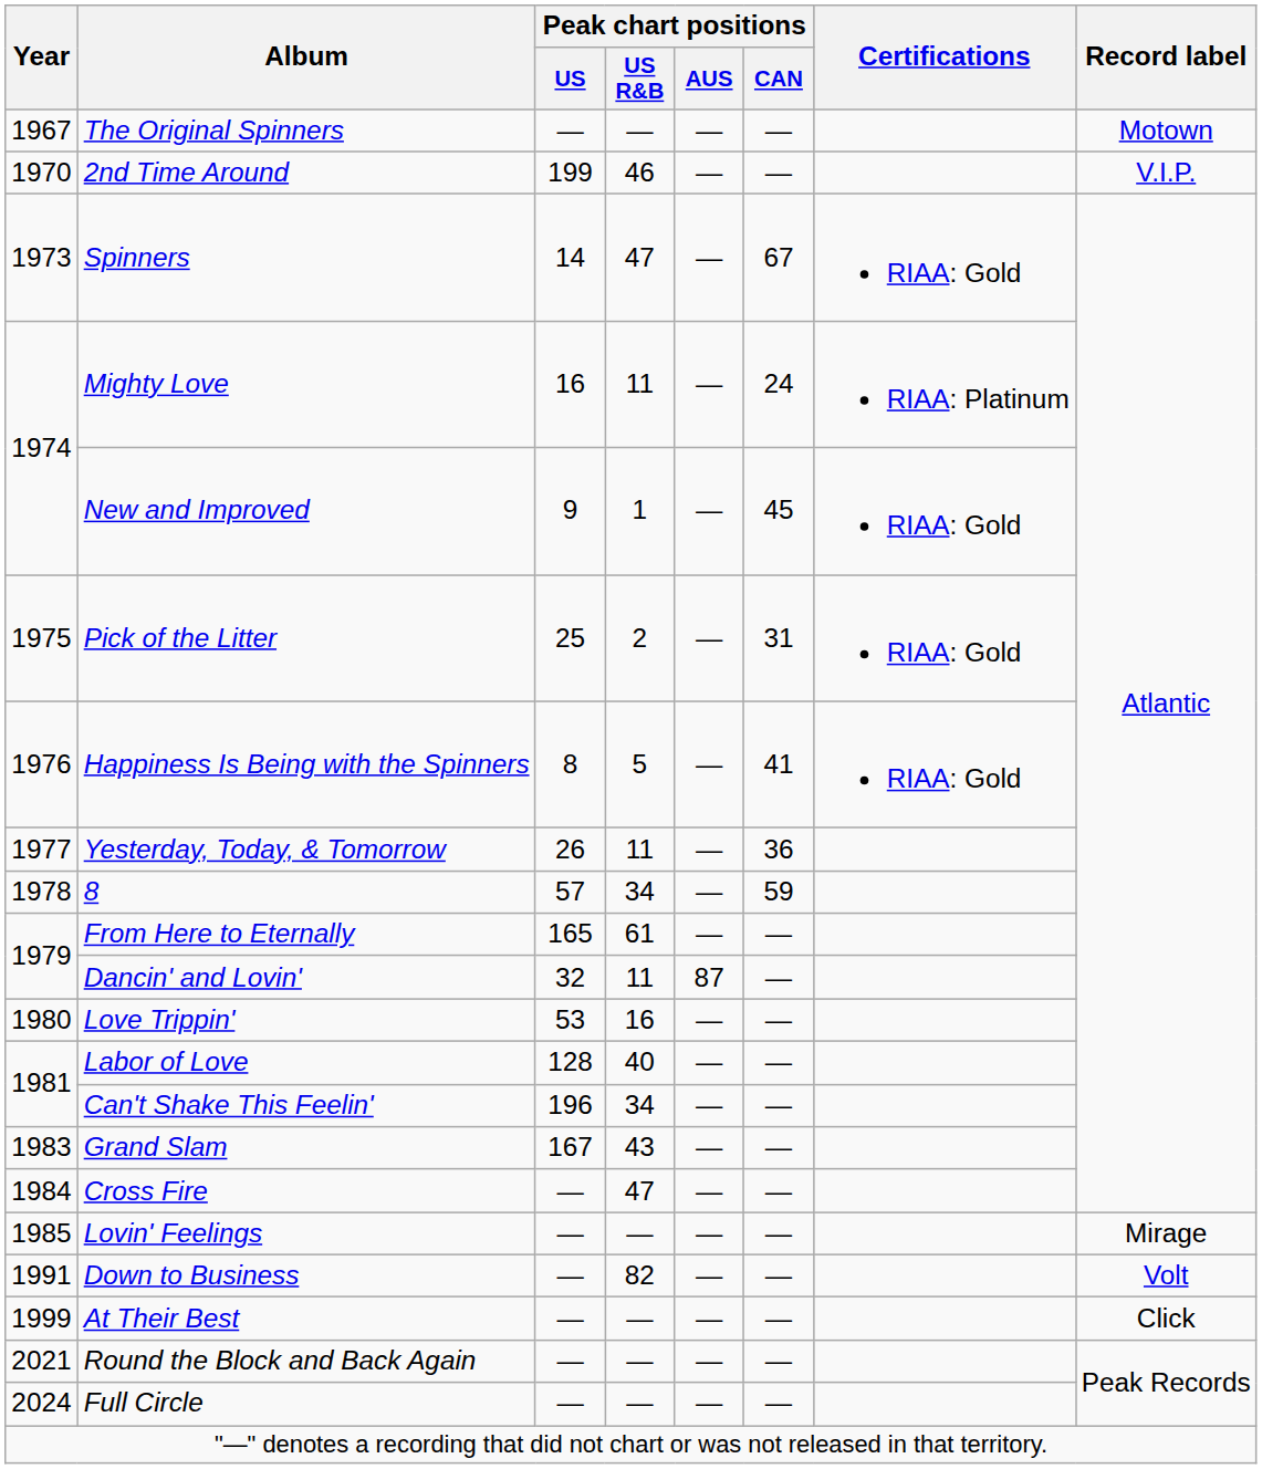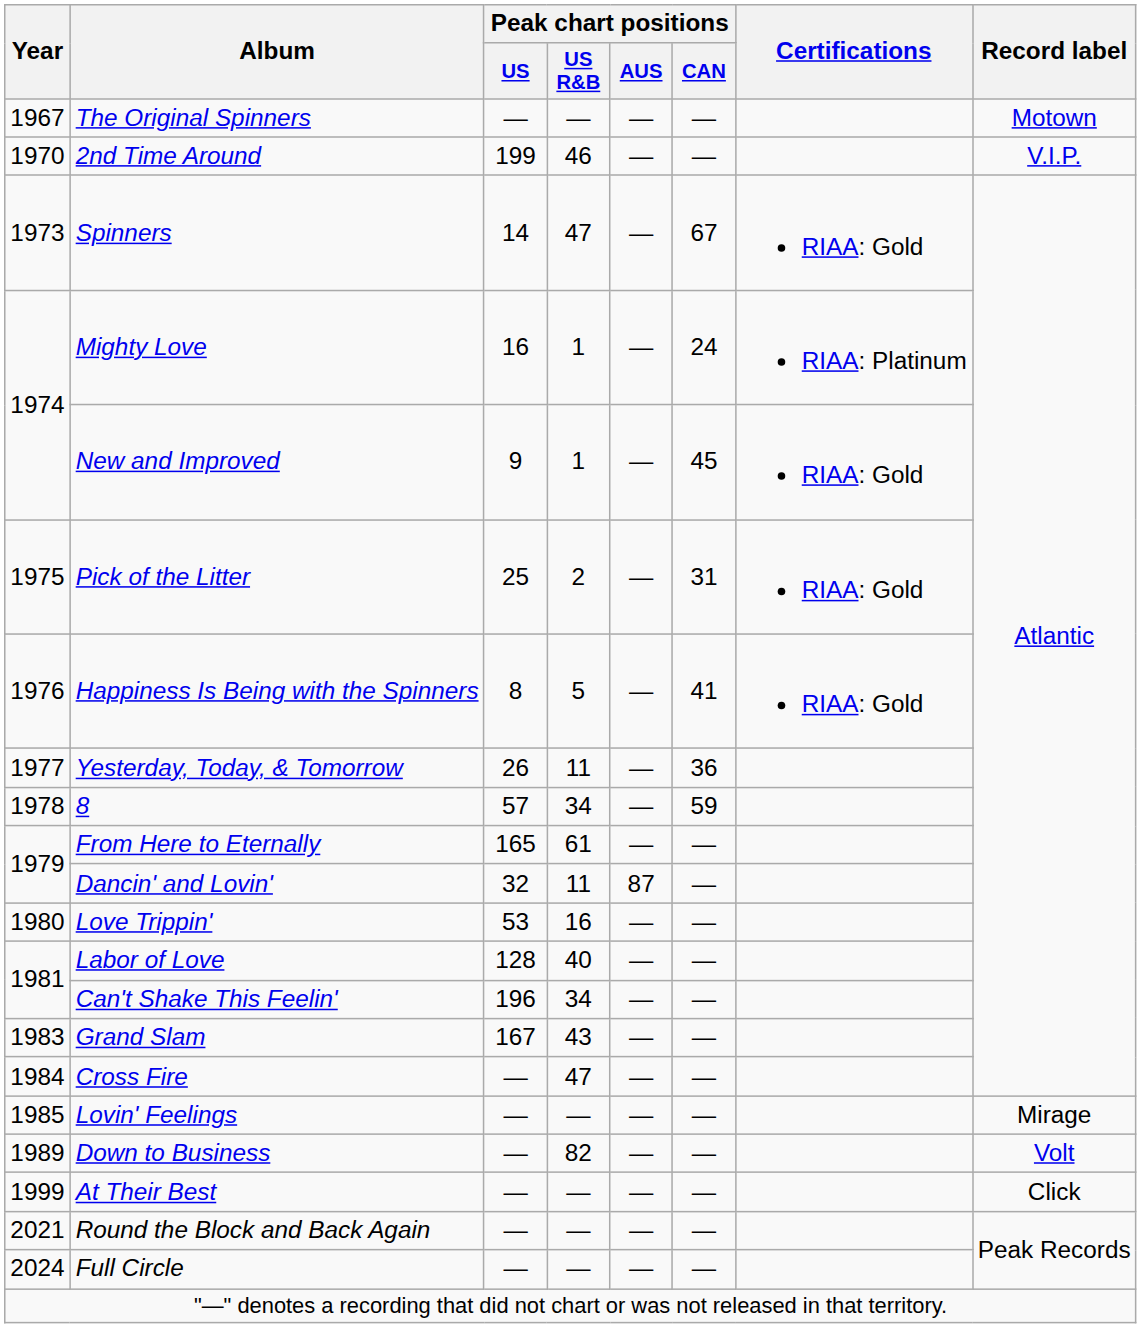 <table class="wikitable" style="text-align:center;">
 <tr>
 <th rowspan="2">Year</th>
 <th rowspan="2">Album</th>
 <th colspan="4">Peak chart positions</th>
 <th rowspan="2"><a href='#'>Certifications</a></th>
 <th rowspan="2">Record label</th>
 </tr>
 <tr style="font-size:smaller;">
 <th width="35"><a href='#'>US</a><br></th>
 <th width="35"><a href='#'>US<br>R&B</a><br></th>
 <th width="35"><a href='#'>AUS</a><br></th>
 <th width="35"><a href='#'>CAN</a><br></th>
 </tr>
 <tr>
 <td rowspan="1">1967</td>
 <td align="left"><em><a href='#'>The Original Spinners</a></em></td>
 <td>—</td>
 <td>—</td>
 <td>—</td>
 <td>—</td>
 <td align="left"></td>
 <td rowspan="1"><a href='#'>Motown</a></td>
 </tr>
 <tr>
 <td rowspan="1">1970</td>
 <td align="left"><em><a href='#'>2nd Time Around</a></em></td>
 <td>199</td>
 <td>46</td>
 <td>—</td>
 <td>—</td>
 <td align="left"></td>
 <td rowspan="1"><a href='#'>V.I.P.</a></td>
 </tr>
 <tr>
 <td rowspan="1">1973</td>
 <td align="left"><em><a href='#'>Spinners</a></em></td>
 <td>14</td>
 <td>47</td>
 <td>—</td>
 <td>67</td>
 <td align="left"><br><ul><li><a href='#'>RIAA</a>: Gold</li></ul></td>
 <td rowspan="14"><a href='#'>Atlantic</a></td>
 </tr>
 <tr>
 <td rowspan="2">1974</td>
 <td align="left"><em><a href='#'>Mighty Love</a></em></td>
 <td>16</td>
-<td>11</td>
+<td>1</td>
 <td>—</td>
 <td>24</td>
 <td align="left"><br><ul><li><a href='#'>RIAA</a>: Platinum</li></ul></td>
 </tr>
 <tr>
 <td align="left"><em><a href='#'>New and Improved</a></em></td>
 <td>9</td>
 <td>1</td>
 <td>—</td>
 <td>45</td>
 <td align="left"><br><ul><li><a href='#'>RIAA</a>: Gold</li></ul></td>
 </tr>
 <tr>
 <td rowspan="1">1975</td>
 <td align="left"><em><a href='#'>Pick of the Litter</a></em></td>
 <td>25</td>
 <td>2</td>
 <td>—</td>
 <td>31</td>
 <td align="left"><br><ul><li><a href='#'>RIAA</a>: Gold</li></ul></td>
 </tr>
 <tr>
 <td rowspan="1">1976</td>
 <td align="left"><em><a href='#'>Happiness Is Being with the Spinners</a></em></td>
 <td>8</td>
 <td>5</td>
 <td>—</td>
 <td>41</td>
 <td align="left"><br><ul><li><a href='#'>RIAA</a>: Gold</li></ul></td>
 </tr>
 <tr>
 <td rowspan="1">1977</td>
 <td align="left"><em><a href='#'>Yesterday, Today, & Tomorrow</a></em></td>
 <td>26</td>
 <td>11</td>
 <td>—</td>
 <td>36</td>
 <td align="left"></td>
 </tr>
 <tr>
 <td rowspan="1">1978</td>
 <td align="left"><em><a href='#'>8</a></em></td>
 <td>57</td>
 <td>34</td>
 <td>—</td>
 <td>59</td>
 <td align="left"></td>
 </tr>
 <tr>
 <td rowspan="2">1979</td>
 <td align="left"><em><a href='#'>From Here to Eternally</a></em></td>
 <td>165</td>
 <td>61</td>
 <td>—</td>
 <td>—</td>
 <td align="left"></td>
 </tr>
 <tr>
 <td align="left"><em><a href='#'>Dancin' and Lovin'</a></em></td>
 <td>32</td>
 <td>11</td>
 <td>87</td>
 <td>—</td>
 <td align="left"></td>
 </tr>
 <tr>
 <td rowspan="1">1980</td>
 <td align="left"><em><a href='#'>Love Trippin'</a></em></td>
 <td>53</td>
 <td>16</td>
 <td>—</td>
 <td>—</td>
 <td align="left"></td>
 </tr>
 <tr>
 <td rowspan="2">1981</td>
 <td align="left"><em><a href='#'>Labor of Love</a></em></td>
 <td>128</td>
 <td>40</td>
 <td>—</td>
 <td>—</td>
 <td align="left"></td>
 </tr>
 <tr>
 <td align="left"><em><a href='#'>Can't Shake This Feelin'</a></em></td>
 <td>196</td>
 <td>34</td>
 <td>—</td>
 <td>—</td>
 <td align="left"></td>
 </tr>
 <tr>
 <td>1983</td>
 <td align="left"><em><a href='#'>Grand Slam</a></em></td>
 <td>167</td>
 <td>43</td>
 <td>—</td>
 <td>—</td>
 <td align="left"></td>
 </tr>
 <tr>
 <td rowspan="1">1984</td>
 <td align="left"><em><a href='#'>Cross Fire</a></em></td>
 <td>—</td>
 <td>47</td>
 <td>—</td>
 <td>—</td>
 <td align="left"></td>
 </tr>
 <tr>
 <td rowspan="1">1985</td>
 <td align="left"><em><a href='#'>Lovin' Feelings</a></em></td>
 <td>—</td>
 <td>—</td>
 <td>—</td>
 <td>—</td>
 <td align="left"></td>
 <td rowspan="1">Mirage</td>
 </tr>
 <tr>
-<td rowspan="1">1991</td>
+<td rowspan="1">1989</td>
 <td align="left"><em><a href='#'>Down to Business</a></em></td>
 <td>—</td>
 <td>82</td>
 <td>—</td>
 <td>—</td>
 <td align="left"></td>
 <td rowspan="1"><a href='#'>Volt</a></td>
 </tr>
 <tr>
 <td rowspan="1">1999</td>
 <td align="left"><em><a href='#'>At Their Best</a></em></td>
 <td>—</td>
 <td>—</td>
 <td>—</td>
 <td>—</td>
 <td align="left"></td>
 <td rowspan="1">Click</td>
 </tr>
 <tr>
 <td>2021</td>
 <td align="left"><em>Round the Block and Back Again</em></td>
 <td>—</td>
 <td>—</td>
 <td>—</td>
 <td>—</td>
 <td></td>
 <td rowspan="2">Peak Records</td>
 </tr>
 <tr>
 <td>2024</td>
 <td align="left"><em>Full Circle</em></td>
 <td>—</td>
 <td>—</td>
 <td>—</td>
 <td>—</td>
 <td></td>
 </tr>
 <tr>
 <td colspan="15" style="font-size:90%">"—" denotes a recording that did not chart or was not released in that territory.</td>
 </tr>
 </table>
